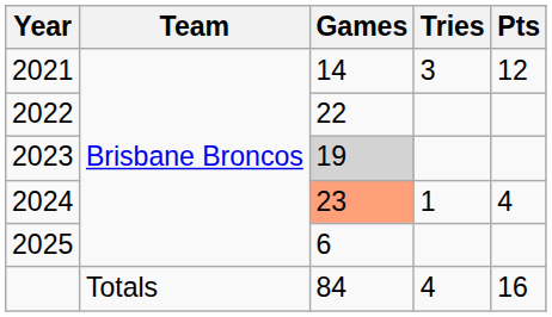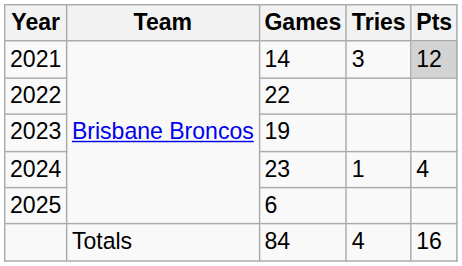 <table class="wikitable">
 <tr>
 <th>Year</th>
 <th>Team</th>
 <th>Games</th>
 <th>Tries</th>
 <th>Pts</th>
 </tr>
 <tr>
 <td>2021</td>
 <td rowspan="5"> <a href='#'>Brisbane Broncos</a></td>
 <td>14</td>
 <td>3</td>
-<td>12</td>
+<td style="background: lightgrey;">12</td>
 </tr>
 <tr>
 <td>2022</td>
 <td>22</td>
 <td></td>
 <td></td>
 </tr>
 <tr>
 <td>2023</td>
-<td style="background: lightgrey;">19</td>
+<td>19</td>
 <td></td>
 <td></td>
 </tr>
 <tr>
 <td>2024</td>
-<td style="background: lightsalmon;">23</td>
+<td>23</td>
 <td>1</td>
 <td>4</td>
 </tr>
 <tr>
 <td>2025</td>
 <td>6</td>
 <td></td>
 <td></td>
 </tr>
 <tr>
 <td></td>
 <td>Totals</td>
 <td>84</td>
 <td>4</td>
 <td>16</td>
 </tr>
 </table>
